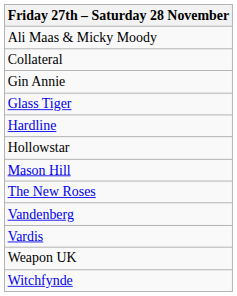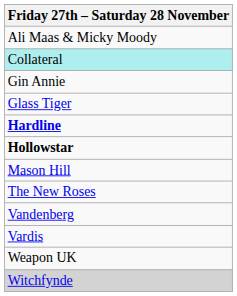 <table class="wikitable">
 <tr>
 <th>Friday 27th – Saturday 28 November</th>
 </tr>
 <tr>
 <td>Ali Maas & Micky Moody</td>
 </tr>
 <tr>
-<td>Collateral</td>
+<td style="background: paleturquoise;">Collateral</td>
 </tr>
 <tr>
 <td>Gin Annie</td>
 </tr>
 <tr>
 <td><a href='#'>Glass Tiger</a></td>
 </tr>
 <tr>
-<td><a href='#'>Hardline</a></td>
+<td><strong><a href='#'>Hardline</a></strong></td>
 </tr>
 <tr>
-<td>Hollowstar</td>
+<td><strong>Hollowstar</strong></td>
 </tr>
 <tr>
 <td><a href='#'>Mason Hill</a></td>
 </tr>
 <tr>
 <td><a href='#'>The New Roses</a></td>
 </tr>
 <tr>
 <td><a href='#'>Vandenberg</a></td>
 </tr>
 <tr>
 <td><a href='#'>Vardis</a></td>
 </tr>
 <tr>
 <td>Weapon UK</td>
 </tr>
 <tr>
-<td><a href='#'>Witchfynde</a></td>
+<td style="background: lightgrey;"><a href='#'>Witchfynde</a></td>
 </tr>
 </table>
